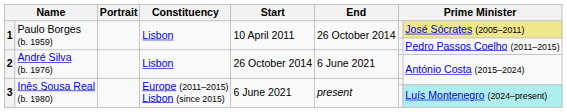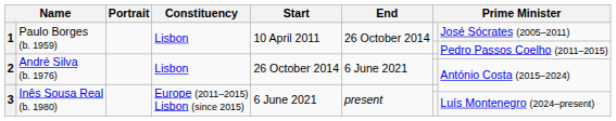 <table class="wikitable">
 <tr>
 <th colspan="2">Name</th>
 <th>Portrait</th>
 <th>Constituency</th>
 <th>Start</th>
 <th>End</th>
 <th colspan="2">Prime Minister</th>
 </tr>
 <tr>
 <th rowspan="2">1</th>
 <td rowspan="2">Paulo Borges<br><small>(b. 1959)</small></td>
 <td rowspan="2"></td>
 <td rowspan="2"><a href='#'>Lisbon</a></td>
 <td rowspan="2">10 April 2011</td>
 <td rowspan="2">26 October 2014</td>
 <td style="background-color: "></td>
-<td style="background: khaki;"><a href='#'>José Sócrates</a> <small>(2005–2011)</small></td>
+<td><a href='#'>José Sócrates</a> <small>(2005–2011)</small></td>
 </tr>
 <tr>
 <td style="background-color: "></td>
 <td rowspan="2"><a href='#'>Pedro Passos Coelho</a> <small>(2011–2015)</small></td>
 </tr>
 <tr>
 <th rowspan="2">2</th>
 <td rowspan="2"><a href='#'>André Silva</a><br><small>(b. 1976)</small></td>
 <td rowspan="2"></td>
 <td rowspan="2"><a href='#'>Lisbon</a></td>
 <td rowspan="2">26 October 2014</td>
 <td rowspan="2">6 June 2021</td>
 <td style="background-color: "></td>
 </tr>
 <tr>
 <td style="background-color: "></td>
 <td rowspan="2"><a href='#'>António Costa</a> <small>(2015–2024)</small></td>
 </tr>
 <tr>
 <th rowspan="2">3</th>
 <td rowspan="2"><a href='#'>Inês Sousa Real</a><br><small>(b. 1980)</small></td>
 <td rowspan="2"></td>
 <td rowspan="2"><a href='#'>Europe</a> <small>(2011–2015)</small><br><a href='#'>Lisbon</a> <small>(since 2015)</small></td>
 <td rowspan="2">6 June 2021</td>
 <td rowspan="2"><em>present</em></td>
 <td style="background-color: "></td>
 </tr>
 <tr>
 <td rowspan="1" style="background-color: "></td>
-<td style="background: paleturquoise;"><a href='#'>Luís Montenegro</a> <small>(2024–present)</small></td>
+<td><a href='#'>Luís Montenegro</a> <small>(2024–present)</small></td>
 </tr>
 </table>
